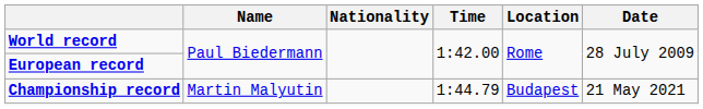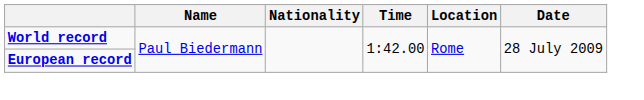 <table class=wikitable>
 <tr>
 <th></th>
 <th>Name</th>
 <th>Nationality</th>
 <th>Time</th>
 <th>Location</th>
 <th>Date</th>
 </tr>
 <tr>
 <td><strong><a href='#'>World record</a></strong></td>
 <td rowspan=2><a href='#'>Paul Biedermann</a></td>
 <td rowspan=2></td>
 <td rowspan=2>1:42.00</td>
 <td rowspan=2><a href='#'>Rome</a></td>
 <td rowspan=2>28 July 2009</td>
 </tr>
 <tr>
 <td><strong><a href='#'>European record</a></strong></td>
 </tr>
-<tr>
-<td><strong><a href='#'>Championship record</a></strong></td>
-<td><a href='#'>Martin Malyutin</a></td>
-<td></td>
-<td>1:44.79</td>
-<td><a href='#'>Budapest</a></td>
-<td>21 May 2021</td>
-</tr>
 </table>
